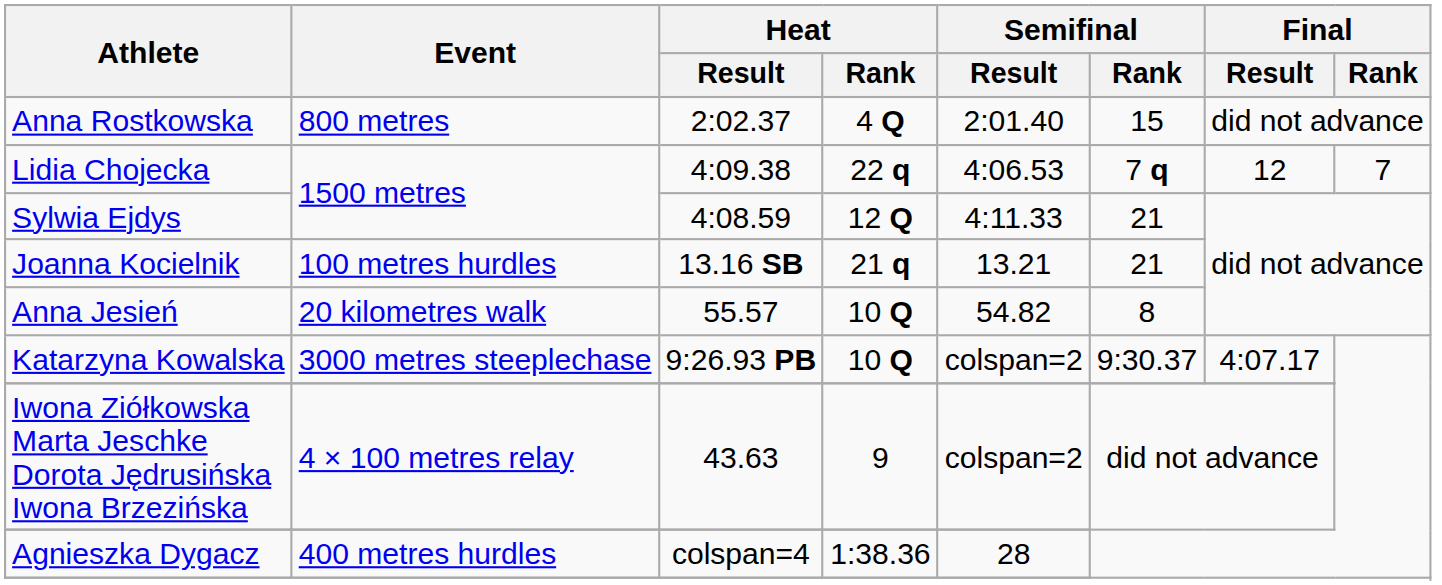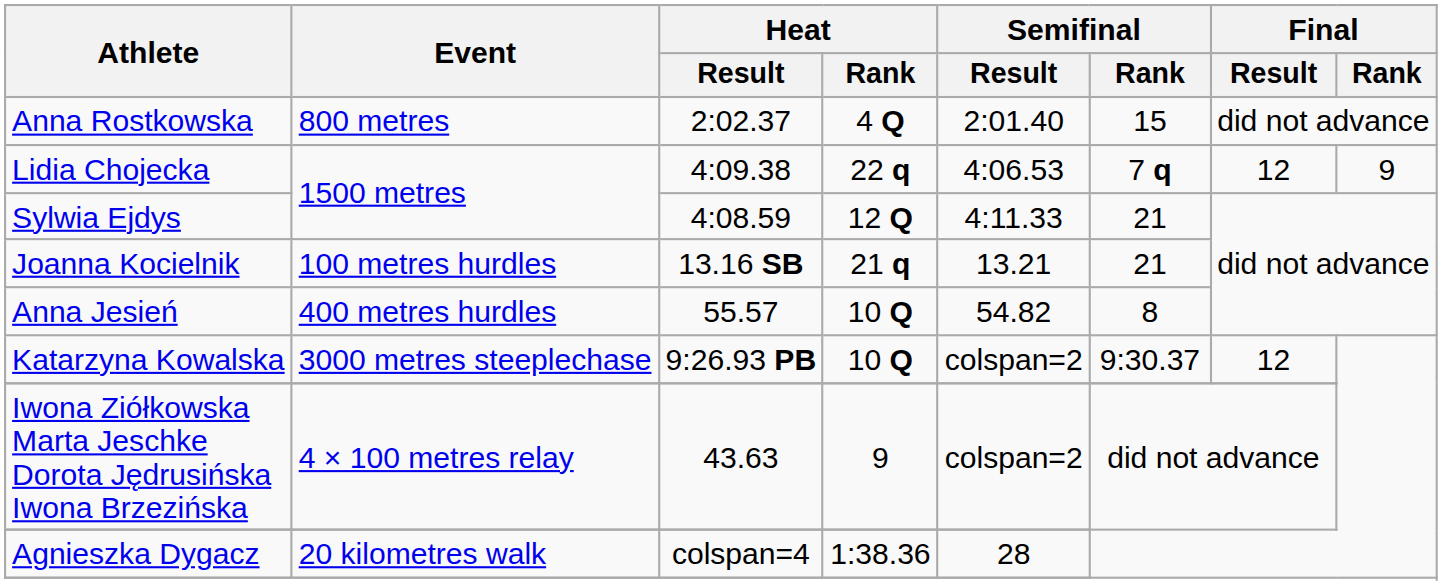 <table class="wikitable" style="font-size:90%">
 <tr>
 <th rowspan="2">Athlete</th>
 <th rowspan="2">Event</th>
 <th colspan="2">Heat</th>
 <th colspan="2">Semifinal</th>
 <th colspan="2">Final</th>
 </tr>
 <tr style="font-size:95%">
 <th>Result</th>
 <th>Rank</th>
 <th>Result</th>
 <th>Rank</th>
 <th>Result</th>
 <th>Rank</th>
 </tr>
 <tr style=text-align:center>
 <td style=text-align:left><a href='#'>Anna Rostkowska</a></td>
 <td style=text-align:left><a href='#'>800 metres</a></td>
 <td>2:02.37</td>
 <td>4 <strong>Q</strong></td>
 <td>2:01.40</td>
 <td>15</td>
 <td colspan=2>did not advance</td>
 </tr>
 <tr style=text-align:center>
 <td style=text-align:left><a href='#'>Lidia Chojecka</a></td>
 <td style=text-align:left rowspan=2><a href='#'>1500 metres</a></td>
 <td>4:09.38</td>
 <td>22 <strong>q</strong></td>
 <td>4:06.53</td>
 <td>7 <strong>q</strong></td>
 <td>12</td>
-<td>7</td>
+<td>9</td>
 </tr>
 <tr style=text-align:center>
 <td style=text-align:left><a href='#'>Sylwia Ejdys</a></td>
 <td>4:08.59</td>
 <td>12 <strong>Q</strong></td>
 <td>4:11.33</td>
 <td>21</td>
 <td colspan=2 rowspan=3>did not advance</td>
 </tr>
 <tr style=text-align:center>
 <td style=text-align:left><a href='#'>Joanna Kocielnik</a></td>
 <td style=text-align:left><a href='#'>100 metres hurdles</a></td>
 <td>13.16 <strong>SB</strong></td>
 <td>21 <strong>q</strong></td>
 <td>13.21</td>
 <td>21</td>
 </tr>
 <tr style=text-align:center>
 <td style=text-align:left><a href='#'>Anna Jesień</a></td>
-<td style=text-align:left><a href='#'>20 kilometres walk</a></td>
+<td style=text-align:left><a href='#'>400 metres hurdles</a></td>
 <td>55.57</td>
 <td>10 <strong>Q</strong></td>
 <td>54.82</td>
 <td>8</td>
 </tr>
 <tr style=text-align:center>
 <td style=text-align:left><a href='#'>Katarzyna Kowalska</a></td>
 <td style=text-align:left><a href='#'>3000 metres steeplechase</a></td>
 <td>9:26.93 <strong>PB</strong></td>
 <td>10 <strong>Q</strong></td>
 <td>colspan=2 </td>
 <td>9:30.37</td>
-<td>4:07.17</td>
+<td>12</td>
 </tr>
 <tr>
 </tr>
 <tr style=text-align:center>
 <td style=text-align:left><a href='#'>Iwona Ziółkowska</a><br><a href='#'>Marta Jeschke</a><br><a href='#'>Dorota Jędrusińska</a><br><a href='#'>Iwona Brzezińska</a></td>
 <td style=text-align:left><a href='#'>4 × 100 metres relay</a></td>
 <td>43.63</td>
 <td>9</td>
 <td>colspan=2 </td>
 <td colspan=2>did not advance</td>
 </tr>
 <tr>
 </tr>
 <tr style=text-align:center>
 <td style=text-align:left><a href='#'>Agnieszka Dygacz</a></td>
-<td style=text-align:left><a href='#'>400 metres hurdles</a></td>
+<td style=text-align:left><a href='#'>20 kilometres walk</a></td>
 <td>colspan=4 </td>
 <td>1:38.36</td>
 <td>28</td>
 </tr>
 <tr>
 </tr>
 </table>
